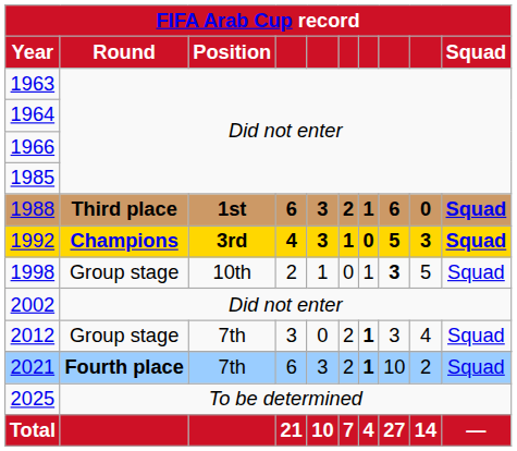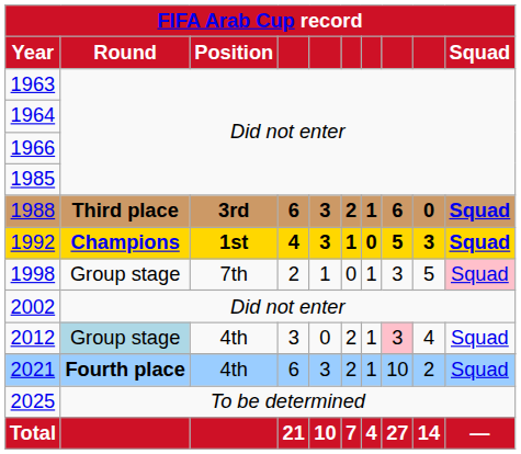 <table class="wikitable" style="text-align:center">
 <tr>
 <th colspan="10" style="background:#CE1126; color:#FFFFFF; "><a href='#'><span>FIFA Arab Cup</span></a> record</th>
 </tr>
 <tr>
 <th style="background:#CE1126; color:#FFFFFF; ">Year</th>
 <th style="background:#CE1126; color:#FFFFFF; ">Round</th>
 <th style="background:#CE1126; color:#FFFFFF; ">Position</th>
 <th style="background:#CE1126; color:#FFFFFF; "></th>
 <th style="background:#CE1126; color:#FFFFFF; "></th>
 <th style="background:#CE1126; color:#FFFFFF; "></th>
 <th style="background:#CE1126; color:#FFFFFF; "></th>
 <th style="background:#CE1126; color:#FFFFFF; "></th>
 <th style="background:#CE1126; color:#FFFFFF; "></th>
 <th style="background:#CE1126; color:#FFFFFF; ">Squad</th>
 </tr>
 <tr>
 <td> <a href='#'>1963</a></td>
 <td rowspan=4 colspan="9"><em>Did not enter</em></td>
 </tr>
 <tr>
 <td> <a href='#'>1964</a></td>
 </tr>
 <tr>
 <td> <a href='#'>1966</a></td>
 </tr>
 <tr>
 <td> <a href='#'>1985</a></td>
 </tr>
 <tr style="background:#CC9966">
 <td> <a href='#'>1988</a></td>
 <td><strong>Third place</strong></td>
-<td><strong>1st</strong></td>
+<td><strong>3rd</strong></td>
 <td><strong>6</strong></td>
 <td><strong>3</strong></td>
 <td><strong>2</strong></td>
 <td><strong>1</strong></td>
 <td><strong>6</strong></td>
 <td><strong>0</strong></td>
 <td><strong><a href='#'>Squad</a></strong></td>
 </tr>
 <tr style="background:gold">
 <td> <a href='#'>1992</a></td>
 <td><strong><a href='#'>Champions</a></strong></td>
-<td><strong>3rd</strong></td>
+<td><strong>1st</strong></td>
 <td><strong>4</strong></td>
 <td><strong>3</strong></td>
 <td><strong>1</strong></td>
 <td><strong>0</strong></td>
 <td><strong>5</strong></td>
 <td><strong>3</strong></td>
 <td><strong><a href='#'>Squad</a></strong></td>
 </tr>
 <tr>
 <td> <a href='#'>1998</a></td>
 <td>Group stage</td>
-<td>10th</td>
+<td>7th</td>
 <td>2</td>
 <td>1</td>
 <td>0</td>
 <td>1</td>
-<td><strong>3</strong></td>
+<td>3</td>
 <td>5</td>
-<td><a href='#'>Squad</a></td>
+<td style="background: pink;"><a href='#'>Squad</a></td>
 </tr>
 <tr>
 <td> <a href='#'>2002</a></td>
 <td colspan="9"><em>Did not enter</em></td>
 </tr>
 <tr>
 <td> <a href='#'>2012</a></td>
-<td>Group stage</td>
-<td>7th</td>
+<td style="background: lightblue;">Group stage</td>
+<td>4th</td>
 <td>3</td>
 <td>0</td>
 <td>2</td>
-<td><strong>1</strong></td>
-<td>3</td>
+<td>1</td>
+<td style="background: pink;">3</td>
 <td>4</td>
 <td><a href='#'>Squad</a></td>
 </tr>
 <tr>
 </tr>
 <tr style="background:#9ACDFF">
 <td> <a href='#'>2021</a></td>
 <td><strong>Fourth place</strong></td>
-<td>7th</td>
+<td>4th</td>
 <td>6</td>
 <td>3</td>
 <td>2</td>
-<td><strong>1</strong></td>
+<td>1</td>
 <td>10</td>
 <td>2</td>
 <td><a href='#'>Squad</a></td>
 </tr>
 <tr>
 <td> <a href='#'>2025</a></td>
 <td rowspan="1" colspan="9"><em>To be determined</em></td>
 </tr>
 <tr>
 <th style="background:#CE1126; color:#FFFFFF; ">Total</th>
 <th style="background:#CE1126; color:#FFFFFF; "></th>
 <th style="background:#CE1126; color:#FFFFFF; "></th>
 <th style="background:#CE1126; color:#FFFFFF; ">21</th>
 <th style="background:#CE1126; color:#FFFFFF; ">10</th>
 <th style="background:#CE1126; color:#FFFFFF; ">7</th>
 <th style="background:#CE1126; color:#FFFFFF; ">4</th>
 <th style="background:#CE1126; color:#FFFFFF; ">27</th>
 <th style="background:#CE1126; color:#FFFFFF; ">14</th>
 <th style="background:#CE1126; color:#FFFFFF; ">—</th>
 </tr>
 </table>
